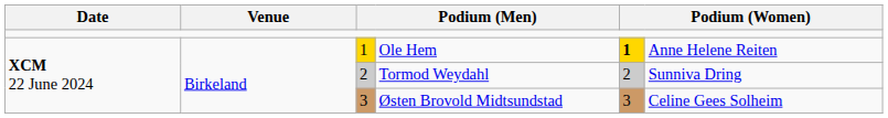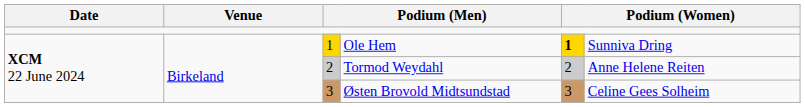 <table class="wikitable" width=70%>
 <tr>
 <th>Date</th>
 <th width=20%>Venue</th>
 <th colspan=2 width=30%>Podium (Men)</th>
 <th colspan=2 width=30%>Podium (Women)</th>
 </tr>
 <tr>
 <td colspan=6></td>
 </tr>
 <tr>
 <td rowspan=3><strong>XCM</strong> <br> 22 June 2024</td>
 <td rowspan=3><br><a href='#'>Birkeland</a></td>
 <td bgcolor=FFD700>1</td>
 <td><a href='#'>Ole Hem</a></td>
 <td bgcolor=FFD700><strong>1</strong></td>
-<td><a href='#'>Anne Helene Reiten</a></td>
+<td><a href='#'>Sunniva Dring</a></td>
 </tr>
 <tr>
 <td bgcolor=CCCCCC>2</td>
 <td><a href='#'>Tormod Weydahl</a></td>
 <td bgcolor=CCCCCC>2</td>
-<td><a href='#'>Sunniva Dring</a></td>
+<td><a href='#'>Anne Helene Reiten</a></td>
 </tr>
 <tr>
 <td bgcolor=CC9966>3</td>
 <td><a href='#'>Østen Brovold Midtsundstad</a></td>
 <td bgcolor=CC9966>3</td>
 <td><a href='#'>Celine Gees Solheim</a></td>
 </tr>
 </table>
